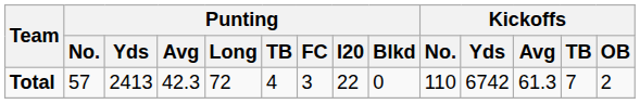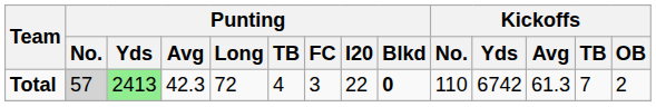 <table class="wikitable" style="white-space:nowrap;">
 <tr>
 <th rowspan="2">Team</th>
 <th colspan="8">Punting</th>
 <th colspan="5">Kickoffs</th>
 </tr>
 <tr>
 <th>No.</th>
 <th>Yds</th>
 <th>Avg</th>
 <th>Long</th>
 <th>TB</th>
 <th>FC</th>
 <th>I20</th>
 <th>Blkd</th>
 <th>No.</th>
 <th>Yds</th>
 <th>Avg</th>
 <th>TB</th>
 <th>OB</th>
 </tr>
 <tr>
 <td><strong>Total</strong></td>
-<td>57</td>
-<td>2413</td>
+<td style="background: lightgrey;">57</td>
+<td style="background: lightgreen;">2413</td>
 <td>42.3</td>
 <td>72</td>
 <td>4</td>
 <td>3</td>
 <td>22</td>
-<td>0</td>
+<td><strong>0</strong></td>
 <td>110</td>
 <td>6742</td>
 <td>61.3</td>
 <td>7</td>
 <td>2</td>
 </tr>
 <tr>
 </tr>
 </table>
